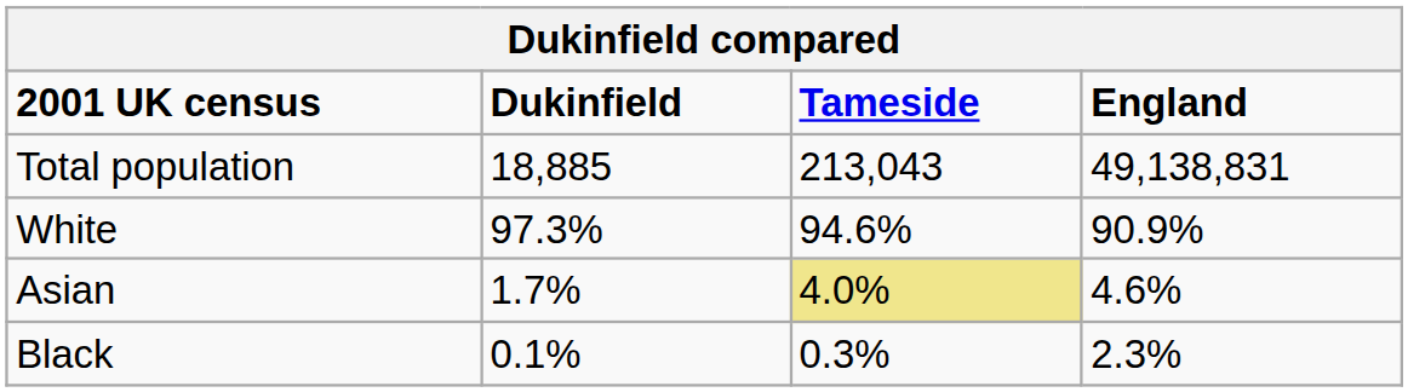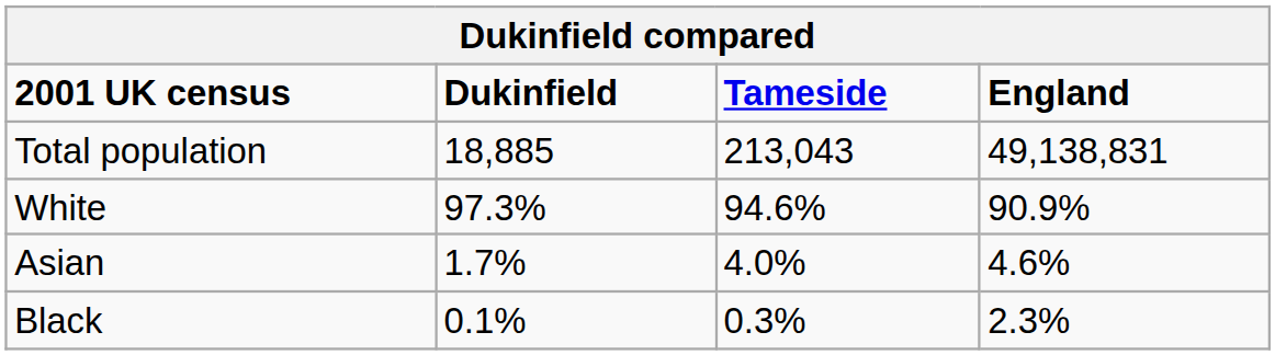 <table class="wikitable" style="float: right; margin-left: 2em; width: 40%; font-size: 90%;" cellspacing="3">
 <tr>
 <th colspan="4"><strong>Dukinfield compared</strong></th>
 </tr>
 <tr>
 <td><strong>2001 UK census</strong></td>
 <td><strong>Dukinfield</strong></td>
 <td><strong><a href='#'>Tameside</a></strong></td>
 <td><strong>England</strong></td>
 </tr>
 <tr>
 <td>Total population</td>
 <td>18,885</td>
 <td>213,043</td>
 <td>49,138,831</td>
 </tr>
 <tr>
 <td>White</td>
 <td>97.3%</td>
 <td>94.6%</td>
 <td>90.9%</td>
 </tr>
 <tr>
 <td>Asian</td>
 <td>1.7%</td>
-<td style="background: khaki;">4.0%</td>
+<td>4.0%</td>
 <td>4.6%</td>
 </tr>
 <tr>
 <td>Black</td>
 <td>0.1%</td>
 <td>0.3%</td>
 <td>2.3%</td>
 </tr>
 </table>
